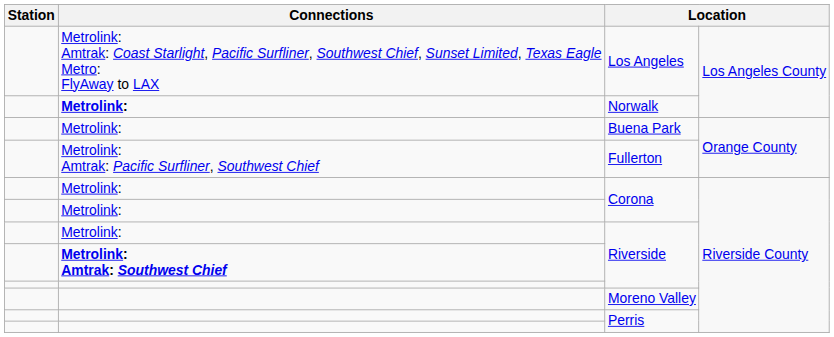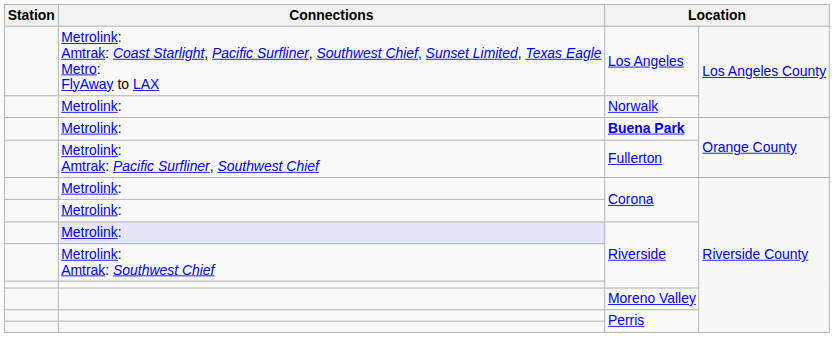 <table class="wikitable plainrowheaders">
 <tr>
 <th>Station</th>
 <th>Connections</th>
 <th colspan="2">Location<br></th>
 </tr>
 <tr>
 <td></td>
 <td> <a href='#'>Metrolink</a>:     <br> <a href='#'>Amtrak</a>: <em><a href='#'>Coast Starlight</a></em>, <em><a href='#'>Pacific Surfliner</a></em>, <em><a href='#'>Southwest Chief</a></em>, <em><a href='#'>Sunset Limited</a></em>, <em><a href='#'>Texas Eagle</a></em><br> <a href='#'>Metro</a>:    <br> <a href='#'>FlyAway</a> to <a href='#'>LAX</a></td>
 <td><a href='#'>Los Angeles</a></td>
 <td rowspan="2" = bgcolor = #f8f8f8><a href='#'>Los Angeles County</a></td>
 </tr>
 <tr>
 <td></td>
-<td><strong> <a href='#'>Metrolink</a>: </strong></td>
+<td> <a href='#'>Metrolink</a>: </td>
 <td><a href='#'>Norwalk</a></td>
 </tr>
 <tr>
 <td></td>
 <td> <a href='#'>Metrolink</a>: </td>
-<td><a href='#'>Buena Park</a></td>
+<td><strong><a href='#'>Buena Park</a></strong></td>
 <td rowspan="2" = bgcolor = #f8f8f8><a href='#'>Orange County</a></td>
 </tr>
 <tr>
 <td></td>
 <td> <a href='#'>Metrolink</a>: <br> <a href='#'>Amtrak</a>: <em><a href='#'>Pacific Surfliner</a></em>, <em><a href='#'>Southwest Chief</a></em></td>
 <td><a href='#'>Fullerton</a></td>
 </tr>
 <tr>
 <td></td>
 <td> <a href='#'>Metrolink</a>: </td>
 <td rowspan="2"><a href='#'>Corona</a></td>
 <td rowspan="8" = bgcolor = #f8f8f8><a href='#'>Riverside County</a></td>
 </tr>
 <tr>
 <td></td>
 <td> <a href='#'>Metrolink</a>: </td>
 </tr>
 <tr>
 <td></td>
-<td> <a href='#'>Metrolink</a>: </td>
+<td style="background: lavender;"> <a href='#'>Metrolink</a>: </td>
 <td rowspan="3"><a href='#'>Riverside</a></td>
 </tr>
 <tr>
 <td></td>
-<td><strong> <a href='#'>Metrolink</a>:  <br> <a href='#'>Amtrak</a>: <em><a href='#'>Southwest Chief</a></em></strong></td>
+<td> <a href='#'>Metrolink</a>:  <br> <a href='#'>Amtrak</a>: <em><a href='#'>Southwest Chief</a></em></td>
 </tr>
 <tr>
 <td></td>
 </tr>
 <tr>
 <td></td>
 <td></td>
 <td><a href='#'>Moreno Valley</a></td>
 </tr>
 <tr>
 <td></td>
 <td></td>
 <td rowspan="2"><a href='#'>Perris</a></td>
 </tr>
 <tr>
 <td></td>
 <td></td>
 </tr>
 </table>
